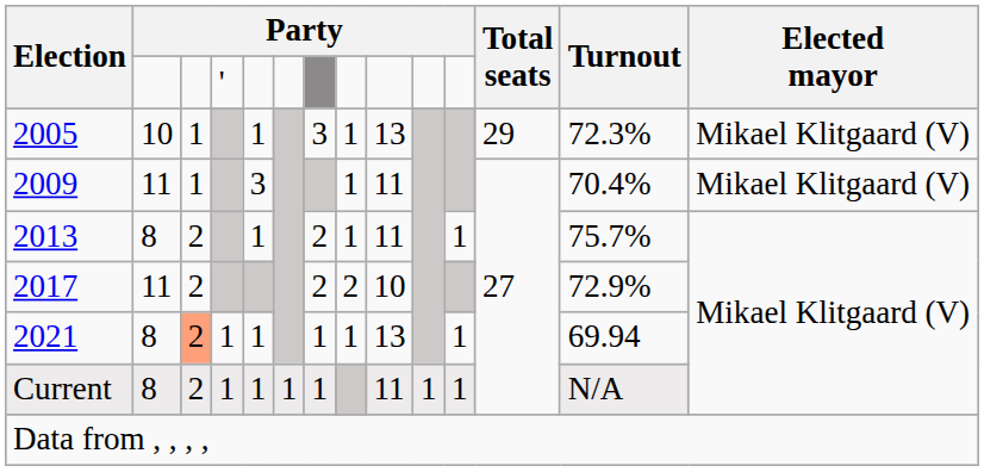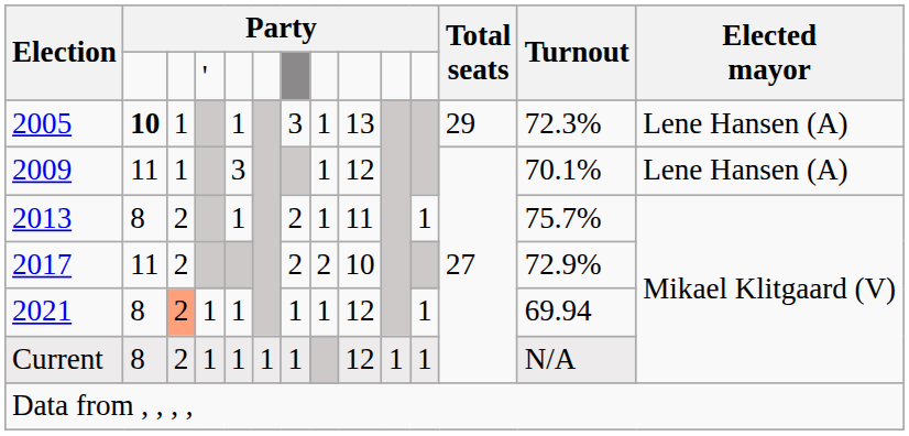 <table class="wikitable">
 <tr>
 <th rowspan="2">Election</th>
 <th colspan="10">Party</th>
 <th rowspan="2">Total<br>seats</th>
 <th rowspan="2">Turnout</th>
 <th rowspan="2">Elected<br>mayor</th>
 </tr>
 <tr>
 <td style="background:"><strong><a href='#'></a></strong></td>
 <td style="background:"><strong><a href='#'></a></strong></td>
 <td style="background:"><strong><a href='#'></a></strong>'</td>
 <td style="background:"><strong><a href='#'></a></strong></td>
 <td style="background:"><strong><a href='#'></a></strong></td>
 <td style="background:#8B8989;"><strong></strong></td>
 <td style="background:"><strong><a href='#'></a></strong></td>
 <td style="background:"><strong><a href='#'></a></strong></td>
 <td style="background:"><strong><a href='#'></a></strong></td>
 <td style="background:"><strong><a href='#'></a></strong></td>
 </tr>
 <tr>
 <td><a href='#'>2005</a></td>
-<td>10</td>
+<td><strong>10</strong></td>
 <td>1</td>
 <td style="background:#CDC9C9;"></td>
 <td>1</td>
 <td rowspan="5" style="background:#CDC9C9;"></td>
 <td>3</td>
 <td>1</td>
 <td>13</td>
 <td rowspan="5" style="background:#CDC9C9;"></td>
 <td rowspan="2" style="background:#CDC9C9;"></td>
 <td>29</td>
 <td>72.3%</td>
-<td>Mikael Klitgaard (V)</td>
+<td>Lene Hansen (A)</td>
 </tr>
 <tr>
 <td><a href='#'>2009</a></td>
 <td>11</td>
 <td>1</td>
 <td style="background:#CDC9C9;"></td>
 <td>3</td>
 <td style="background:#CDC9C9;"></td>
 <td>1</td>
-<td>11</td>
+<td>12</td>
 <td rowspan="5">27</td>
-<td>70.4%</td>
-<td>Mikael Klitgaard (V)</td>
+<td>70.1%</td>
+<td>Lene Hansen (A)</td>
 </tr>
 <tr>
 <td><a href='#'>2013</a></td>
 <td>8</td>
 <td>2</td>
 <td style="background:#CDC9C9;"></td>
 <td>1</td>
 <td>2</td>
 <td>1</td>
 <td>11</td>
 <td>1</td>
 <td>75.7%</td>
 <td rowspan="4">Mikael Klitgaard (V)</td>
 </tr>
 <tr>
 <td><a href='#'>2017</a></td>
 <td>11</td>
 <td>2</td>
 <td style="background:#CDC9C9;"></td>
 <td style="background:#CDC9C9;"></td>
 <td>2</td>
 <td>2</td>
 <td>10</td>
 <td style="background:#CDC9C9;"></td>
 <td>72.9%</td>
 </tr>
 <tr>
 <td><a href='#'>2021</a></td>
 <td>8</td>
 <td style="background: lightsalmon;">2</td>
 <td>1</td>
 <td>1</td>
 <td>1</td>
 <td>1</td>
-<td>13</td>
+<td>12</td>
 <td>1</td>
 <td>69.94</td>
 </tr>
 <tr style="background:#edebeb;">
 <td>Current</td>
 <td>8</td>
 <td>2</td>
 <td>1</td>
 <td>1</td>
 <td>1</td>
 <td>1</td>
 <td style="background:#CDC9C9;"></td>
-<td>11</td>
+<td>12</td>
 <td>1</td>
 <td>1</td>
 <td>N/A</td>
 </tr>
 <tr>
 <td colspan="14">Data from , , , , </td>
 </tr>
 </table>
